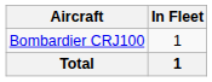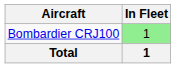 <table class="wikitable" style="text-align: center; margin:0.2em auto;">
 <tr>
 <th>Aircraft</th>
 <th>In Fleet</th>
 </tr>
 <tr>
 <td><a href='#'>Bombardier CRJ100</a></td>
-<td>1</td>
+<td style="background: lightgreen;">1</td>
 </tr>
 <tr>
 <th>Total</th>
 <th>1</th>
 </tr>
 </table>
